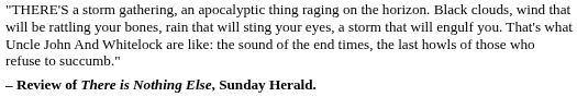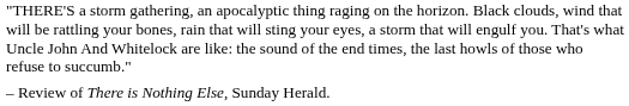 <table class="toccolours" style="float: left; margin-left: 1em; margin-right: 2em; font-size: 85%; background:#dddddd9; color:black; width:40em; max-width: 40%;" cellspacing="5">
 <tr>
 <td style="text-align: left;">"THERE'S a storm gathering, an apocalyptic thing raging on the horizon. Black clouds, wind that will be rattling your bones, rain that will sting your eyes, a storm that will engulf you. That's what Uncle John And Whitelock are like: the sound of the end times, the last howls of those who refuse to succumb."</td>
 </tr>
 <tr>
-<td style="text-align: left;"><strong>– Review of <em>There is Nothing Else</em>, Sunday Herald.</strong></td>
+<td style="text-align: left;">– Review of <em>There is Nothing Else</em>, Sunday Herald.</td>
 </tr>
 </table>
